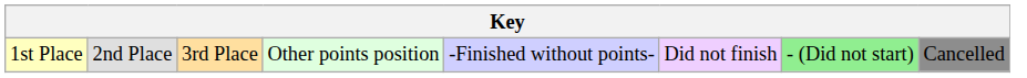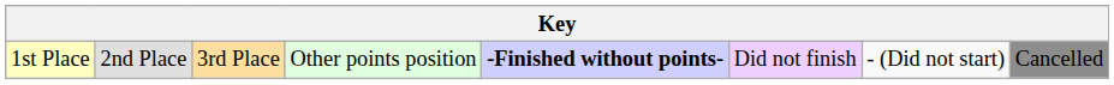 <table class="wikitable" style="font-size: 85%; text-align: center; white-space: nowrap;">
 <tr>
 <th colspan="8" valign="middle">Key</th>
 </tr>
 <tr>
 <td bgcolor="#FFFFBF">1st Place</td>
 <td bgcolor="#DFDFDF">2nd Place</td>
 <td bgcolor="#FFDF9F">3rd Place</td>
 <td bgcolor="#DFFFDF">Other points position</td>
-<td bgcolor="#CFCFFF">-Finished without points-</td>
+<td bgcolor="#CFCFFF"><strong>-Finished without points-</strong></td>
 <td bgcolor="#EFCFFF">Did not finish</td>
-<td style="background: lightgreen;">- (Did not start)</td>
+<td>- (Did not start)</td>
 <td bgcolor="#8D8D8D">Cancelled</td>
 </tr>
 </table>
